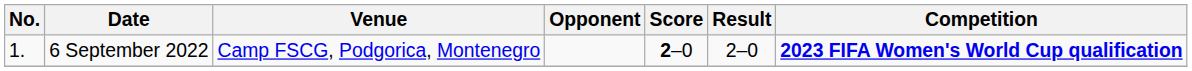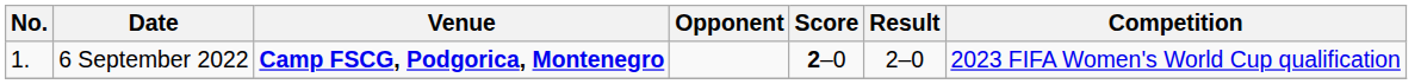 <table class="wikitable">
 <tr>
 <th>No.</th>
 <th>Date</th>
 <th>Venue</th>
 <th>Opponent</th>
 <th>Score</th>
 <th>Result</th>
 <th>Competition</th>
 </tr>
 <tr>
 <td>1.</td>
 <td>6 September 2022</td>
-<td><a href='#'>Camp FSCG</a>, <a href='#'>Podgorica</a>, <a href='#'>Montenegro</a></td>
+<td><strong><a href='#'>Camp FSCG</a>, <a href='#'>Podgorica</a>, <a href='#'>Montenegro</a></strong></td>
 <td></td>
 <td align=center><strong>2</strong>–0</td>
 <td align=center>2–0</td>
-<td><strong><a href='#'>2023 FIFA Women's World Cup qualification</a></strong></td>
+<td><a href='#'>2023 FIFA Women's World Cup qualification</a></td>
 </tr>
 <tr>
 </tr>
 </table>
